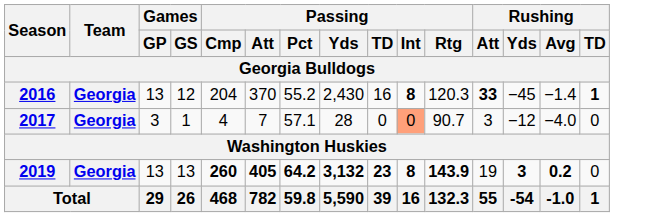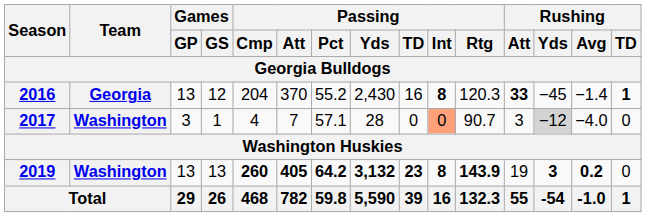 <table class="wikitable" style="text-align:center;">
 <tr>
 <th rowspan="2">Season</th>
 <th rowspan="2">Team</th>
 <th colspan="2">Games</th>
 <th colspan="7">Passing</th>
 <th colspan="4">Rushing</th>
 </tr>
 <tr>
 <th>GP</th>
 <th>GS</th>
 <th>Cmp</th>
 <th>Att</th>
 <th>Pct</th>
 <th>Yds</th>
 <th>TD</th>
 <th>Int</th>
 <th>Rtg</th>
 <th>Att</th>
 <th>Yds</th>
 <th>Avg</th>
 <th>TD</th>
 </tr>
 <tr>
 <th colspan="17">Georgia Bulldogs</th>
 </tr>
 <tr>
 <th><a href='#'>2016</a></th>
 <th><a href='#'>Georgia</a></th>
 <td>13</td>
 <td>12</td>
 <td>204</td>
 <td>370</td>
 <td>55.2</td>
 <td>2,430</td>
 <td>16</td>
 <td><strong>8</strong></td>
 <td>120.3</td>
 <td><strong>33</strong></td>
 <td>−45</td>
 <td>−1.4</td>
 <td><strong>1</strong></td>
 </tr>
 <tr>
 <th><a href='#'>2017</a></th>
-<th><a href='#'>Georgia</a></th>
+<th><a href='#'>Washington</a></th>
 <td>3</td>
 <td>1</td>
 <td>4</td>
 <td>7</td>
 <td>57.1</td>
 <td>28</td>
 <td>0</td>
 <td style="background: lightsalmon;">0</td>
 <td>90.7</td>
 <td>3</td>
-<td>−12</td>
+<td style="background: lightgrey;">−12</td>
 <td>−4.0</td>
 <td>0</td>
 </tr>
 <tr>
 <th colspan="17">Washington Huskies</th>
 </tr>
 <tr>
 <th><a href='#'>2019</a></th>
-<th><a href='#'>Georgia</a></th>
+<th><a href='#'>Washington</a></th>
 <td>13</td>
 <td>13</td>
 <td><strong>260</strong></td>
 <td><strong>405</strong></td>
 <td><strong>64.2</strong></td>
 <td><strong>3,132</strong></td>
 <td><strong>23</strong></td>
 <td><strong>8</strong></td>
 <td><strong>143.9</strong></td>
 <td>19</td>
 <td><strong>3</strong></td>
 <td><strong>0.2</strong></td>
 <td>0</td>
 </tr>
 <tr>
 <th colspan="2">Total</th>
 <th>29</th>
 <th>26</th>
 <th>468</th>
 <th>782</th>
 <th>59.8</th>
 <th>5,590</th>
 <th>39</th>
 <th>16</th>
 <th>132.3</th>
 <th>55</th>
 <th>-54</th>
 <th>-1.0</th>
 <th>1</th>
 </tr>
 </table>
